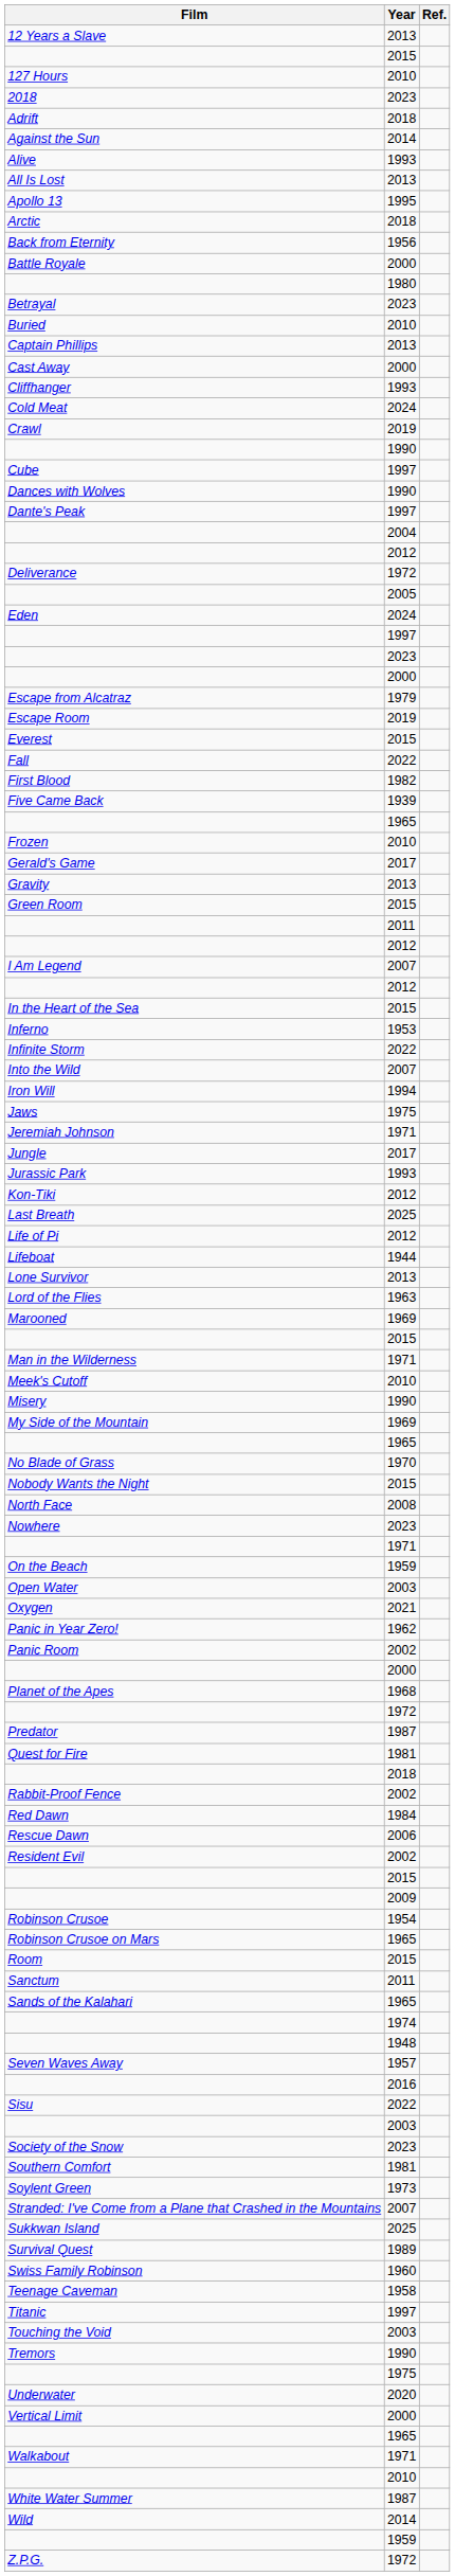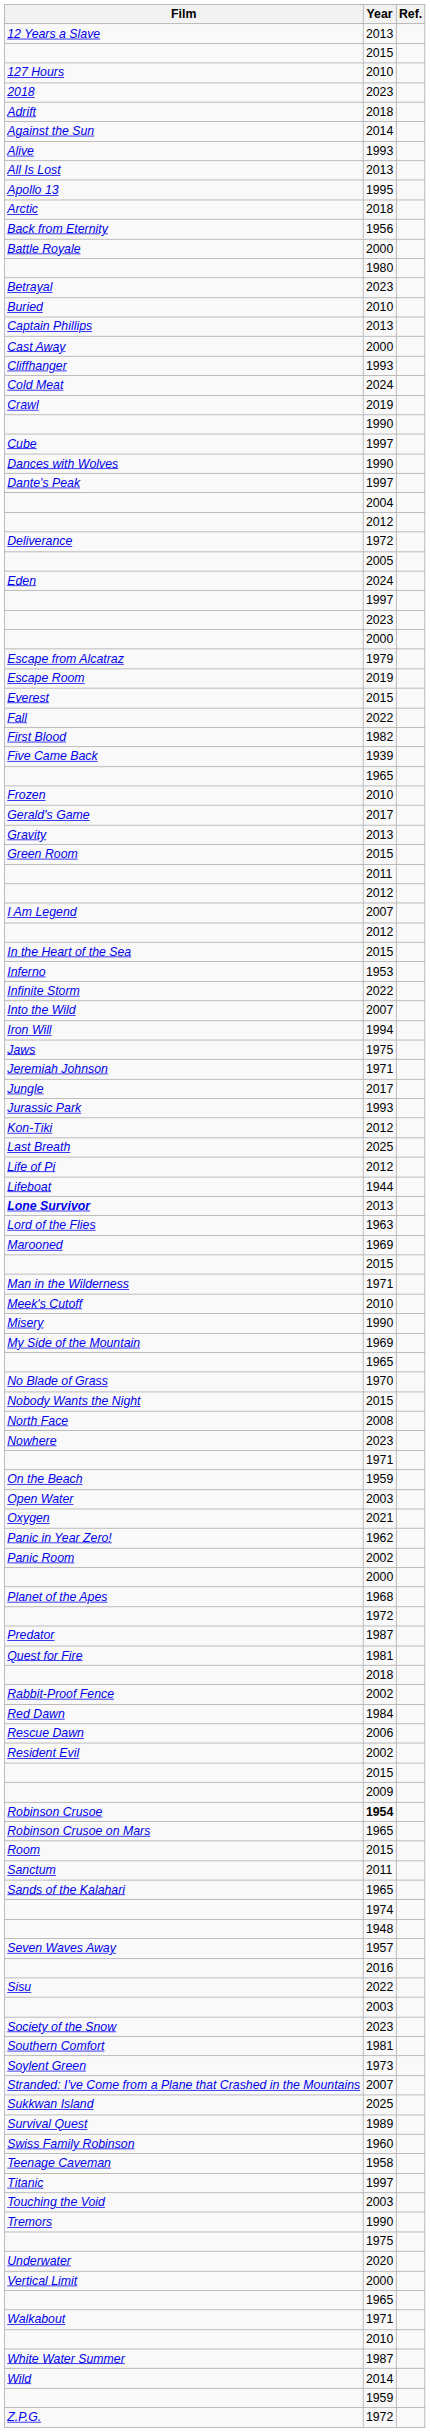 <table class="wikitable sortable" border="1" >
 <tr>
 <th scope="col">Film</th>
 <th scope="col">Year</th>
 <th scope="col" class="unsortable" style=white-space:nowrap>Ref.</th>
 </tr>
 <tr>
 <td><em><a href='#'>12 Years a Slave</a></em></td>
 <td>2013</td>
 <td></td>
 </tr>
 <tr>
 <td><em></em></td>
 <td>2015</td>
 <td></td>
 </tr>
 <tr>
 <td><em><a href='#'>127 Hours</a></em></td>
 <td>2010</td>
 <td></td>
 </tr>
 <tr>
 <td><em><a href='#'>2018</a></em></td>
 <td>2023</td>
 <td></td>
 </tr>
 <tr>
 <td><em><a href='#'>Adrift</a></em></td>
 <td>2018</td>
 <td></td>
 </tr>
 <tr>
 <td><em><a href='#'>Against the Sun</a></em></td>
 <td>2014</td>
 <td></td>
 </tr>
 <tr>
 <td><em><a href='#'>Alive</a></em></td>
 <td>1993</td>
 <td></td>
 </tr>
 <tr>
 <td><em><a href='#'>All Is Lost</a></em></td>
 <td>2013</td>
 <td></td>
 </tr>
 <tr>
 <td><em><a href='#'>Apollo 13</a></em></td>
 <td>1995</td>
 <td></td>
 </tr>
 <tr>
 <td><em><a href='#'>Arctic</a></em></td>
 <td>2018</td>
 <td></td>
 </tr>
 <tr>
 <td><em><a href='#'>Back from Eternity</a></em></td>
 <td>1956</td>
 <td></td>
 </tr>
 <tr>
 <td><em><a href='#'>Battle Royale</a></em></td>
 <td>2000</td>
 <td></td>
 </tr>
 <tr>
 <td><em></em></td>
 <td>1980</td>
 <td></td>
 </tr>
 <tr>
 <td><em><a href='#'>Betrayal</a></em></td>
 <td>2023</td>
 <td></td>
 </tr>
 <tr>
 <td><em><a href='#'>Buried</a></em></td>
 <td>2010</td>
 <td></td>
 </tr>
 <tr>
 <td><em><a href='#'>Captain Phillips</a></em></td>
 <td>2013</td>
 <td></td>
 </tr>
 <tr>
 <td><em><a href='#'>Cast Away</a></em></td>
 <td>2000</td>
 <td></td>
 </tr>
 <tr>
 <td><em><a href='#'>Cliffhanger</a></em></td>
 <td>1993</td>
 <td></td>
 </tr>
 <tr>
 <td><em><a href='#'>Cold Meat</a></em></td>
 <td>2024</td>
 <td></td>
 </tr>
 <tr>
 <td><em><a href='#'>Crawl</a></em></td>
 <td>2019</td>
 <td></td>
 </tr>
 <tr>
 <td><em></em></td>
 <td>1990</td>
 <td></td>
 </tr>
 <tr>
 <td><em><a href='#'>Cube</a></em></td>
 <td>1997</td>
 <td></td>
 </tr>
 <tr>
 <td><em><a href='#'>Dances with Wolves</a></em></td>
 <td>1990</td>
 <td></td>
 </tr>
 <tr>
 <td><em><a href='#'>Dante's Peak</a></em></td>
 <td>1997</td>
 <td></td>
 </tr>
 <tr>
 <td><em></em></td>
 <td>2004</td>
 <td></td>
 </tr>
 <tr>
 <td><em></em></td>
 <td>2012</td>
 <td></td>
 </tr>
 <tr>
 <td><em><a href='#'>Deliverance</a></em></td>
 <td>1972</td>
 <td></td>
 </tr>
 <tr>
 <td><em></em></td>
 <td>2005</td>
 <td></td>
 </tr>
 <tr>
 <td><em><a href='#'>Eden</a></em></td>
 <td>2024</td>
 <td></td>
 </tr>
 <tr>
 <td><em></em></td>
 <td>1997</td>
 <td></td>
 </tr>
 <tr>
 <td><em></em></td>
 <td>2023</td>
 <td></td>
 </tr>
 <tr>
 <td><em></em></td>
 <td>2000</td>
 <td></td>
 </tr>
 <tr>
 <td><em><a href='#'>Escape from Alcatraz</a></em></td>
 <td>1979</td>
 <td></td>
 </tr>
 <tr>
 <td><em><a href='#'>Escape Room</a></em></td>
 <td>2019</td>
 <td></td>
 </tr>
 <tr>
 <td><em><a href='#'>Everest</a></em></td>
 <td>2015</td>
 <td></td>
 </tr>
 <tr>
 <td><em><a href='#'>Fall</a></em></td>
 <td>2022</td>
 <td></td>
 </tr>
 <tr>
 <td><em><a href='#'>First Blood</a></em></td>
 <td>1982</td>
 <td></td>
 </tr>
 <tr>
 <td><em><a href='#'>Five Came Back</a></em></td>
 <td>1939</td>
 <td></td>
 </tr>
 <tr>
 <td><em></em></td>
 <td>1965</td>
 <td></td>
 </tr>
 <tr>
 <td><em><a href='#'>Frozen</a></em></td>
 <td>2010</td>
 <td></td>
 </tr>
 <tr>
 <td><em><a href='#'>Gerald's Game</a></em></td>
 <td>2017</td>
 <td></td>
 </tr>
 <tr>
 <td><em><a href='#'>Gravity</a></em></td>
 <td>2013</td>
 <td></td>
 </tr>
 <tr>
 <td><em><a href='#'>Green Room</a></em></td>
 <td>2015</td>
 <td></td>
 </tr>
 <tr>
 <td><em></em></td>
 <td>2011</td>
 <td></td>
 </tr>
 <tr>
 <td><em></em></td>
 <td>2012</td>
 <td></td>
 </tr>
 <tr>
 <td><em><a href='#'>I Am Legend</a></em></td>
 <td>2007</td>
 <td></td>
 </tr>
 <tr>
 <td><em></em></td>
 <td>2012</td>
 <td></td>
 </tr>
 <tr>
 <td><em><a href='#'>In the Heart of the Sea</a></em></td>
 <td>2015</td>
 <td></td>
 </tr>
 <tr>
 <td><em><a href='#'>Inferno</a></em></td>
 <td>1953</td>
 <td></td>
 </tr>
 <tr>
 <td><em><a href='#'>Infinite Storm</a></em></td>
 <td>2022</td>
 <td></td>
 </tr>
 <tr>
 <td><em><a href='#'>Into the Wild</a></em></td>
 <td>2007</td>
 <td></td>
 </tr>
 <tr>
 <td><em><a href='#'>Iron Will</a></em></td>
 <td>1994</td>
 <td></td>
 </tr>
 <tr>
 <td><em><a href='#'>Jaws</a></em></td>
 <td>1975</td>
 <td></td>
 </tr>
 <tr>
 <td><em><a href='#'>Jeremiah Johnson</a></em></td>
 <td>1971</td>
 <td></td>
 </tr>
 <tr>
 <td><em><a href='#'>Jungle</a></em></td>
 <td>2017</td>
 <td></td>
 </tr>
 <tr>
 <td><em><a href='#'>Jurassic Park</a></em></td>
 <td>1993</td>
 <td></td>
 </tr>
 <tr>
 <td><em><a href='#'>Kon-Tiki</a></em></td>
 <td>2012</td>
 <td></td>
 </tr>
 <tr>
 <td><em><a href='#'>Last Breath</a></em></td>
 <td>2025</td>
 <td></td>
 </tr>
 <tr>
 <td><em><a href='#'>Life of Pi</a></em></td>
 <td>2012</td>
 <td></td>
 </tr>
 <tr>
 <td><em><a href='#'>Lifeboat</a></em></td>
 <td>1944</td>
 <td></td>
 </tr>
 <tr>
-<td><em><a href='#'>Lone Survivor</a></em></td>
+<td><strong><em><a href='#'>Lone Survivor</a></em></strong></td>
 <td>2013</td>
 <td></td>
 </tr>
 <tr>
 <td><em><a href='#'>Lord of the Flies</a></em></td>
 <td>1963</td>
 <td></td>
 </tr>
 <tr>
 <td><em><a href='#'>Marooned</a></em></td>
 <td>1969</td>
 <td></td>
 </tr>
 <tr>
 <td><em></em></td>
 <td>2015</td>
 <td></td>
 </tr>
 <tr>
 <td><em><a href='#'>Man in the Wilderness</a></em></td>
 <td>1971</td>
 <td></td>
 </tr>
 <tr>
 <td><em><a href='#'>Meek's Cutoff</a></em></td>
 <td>2010</td>
 <td></td>
 </tr>
 <tr>
 <td><em><a href='#'>Misery</a></em></td>
 <td>1990</td>
 <td></td>
 </tr>
 <tr>
 <td><em><a href='#'>My Side of the Mountain</a></em></td>
 <td>1969</td>
 <td></td>
 </tr>
 <tr>
 <td><em></em></td>
 <td>1965</td>
 <td></td>
 </tr>
 <tr>
 <td><em><a href='#'>No Blade of Grass</a></em></td>
 <td>1970</td>
 <td></td>
 </tr>
 <tr>
 <td><em><a href='#'>Nobody Wants the Night</a></em></td>
 <td>2015</td>
 <td></td>
 </tr>
 <tr>
 <td><em><a href='#'>North Face</a></em></td>
 <td>2008</td>
 <td></td>
 </tr>
 <tr>
 <td><em><a href='#'>Nowhere</a></em></td>
 <td>2023</td>
 <td></td>
 </tr>
 <tr>
 <td><em></em></td>
 <td>1971</td>
 <td></td>
 </tr>
 <tr>
 <td><em><a href='#'>On the Beach</a></em></td>
 <td>1959</td>
 <td></td>
 </tr>
 <tr>
 <td><em><a href='#'>Open Water</a></em></td>
 <td>2003</td>
 <td></td>
 </tr>
 <tr>
 <td><em><a href='#'>Oxygen</a></em></td>
 <td>2021</td>
 <td></td>
 </tr>
 <tr>
 <td><em><a href='#'>Panic in Year Zero!</a></em></td>
 <td>1962</td>
 <td></td>
 </tr>
 <tr>
 <td><em><a href='#'>Panic Room</a></em></td>
 <td>2002</td>
 <td></td>
 </tr>
 <tr>
 <td><em></em></td>
 <td>2000</td>
 <td></td>
 </tr>
 <tr>
 <td><em><a href='#'>Planet of the Apes</a></em></td>
 <td>1968</td>
 <td></td>
 </tr>
 <tr>
 <td><em></em></td>
 <td>1972</td>
 <td></td>
 </tr>
 <tr>
 <td><em><a href='#'>Predator</a></em></td>
 <td>1987</td>
 <td></td>
 </tr>
 <tr>
 <td><em><a href='#'>Quest for Fire</a></em></td>
 <td>1981</td>
 <td></td>
 </tr>
 <tr>
 <td><em></em></td>
 <td>2018</td>
 <td></td>
 </tr>
 <tr>
 <td><em><a href='#'>Rabbit-Proof Fence</a></em></td>
 <td>2002</td>
 <td></td>
 </tr>
 <tr>
 <td><em><a href='#'>Red Dawn</a></em></td>
 <td>1984</td>
 <td></td>
 </tr>
 <tr>
 <td><em><a href='#'>Rescue Dawn</a></em></td>
 <td>2006</td>
 <td></td>
 </tr>
 <tr>
 <td><em><a href='#'>Resident Evil</a></em></td>
 <td>2002</td>
 <td></td>
 </tr>
 <tr>
 <td><em></em></td>
 <td>2015</td>
 <td></td>
 </tr>
 <tr>
 <td><em></em></td>
 <td>2009</td>
 <td></td>
 </tr>
 <tr>
 <td><em><a href='#'>Robinson Crusoe</a></em></td>
-<td>1954</td>
+<td><strong>1954</strong></td>
 <td></td>
 </tr>
 <tr>
 <td><em><a href='#'>Robinson Crusoe on Mars</a></em></td>
 <td>1965</td>
 <td></td>
 </tr>
 <tr>
 <td><em><a href='#'>Room</a></em></td>
 <td>2015</td>
 <td></td>
 </tr>
 <tr>
 <td><em><a href='#'>Sanctum</a></em></td>
 <td>2011</td>
 <td></td>
 </tr>
 <tr>
 <td><em><a href='#'>Sands of the Kalahari</a></em></td>
 <td>1965</td>
 <td></td>
 </tr>
 <tr>
 <td><em></em></td>
 <td>1974</td>
 <td></td>
 </tr>
 <tr>
 <td><em></em></td>
 <td>1948</td>
 <td></td>
 </tr>
 <tr>
 <td><em><a href='#'>Seven Waves Away</a></em></td>
 <td>1957</td>
 <td></td>
 </tr>
 <tr>
 <td><em></em></td>
 <td>2016</td>
 <td></td>
 </tr>
 <tr>
 <td><em><a href='#'>Sisu</a></em></td>
 <td>2022</td>
 <td></td>
 </tr>
 <tr>
 <td><em></em></td>
 <td>2003</td>
 <td></td>
 </tr>
 <tr>
 <td><em><a href='#'>Society of the Snow</a></em></td>
 <td>2023</td>
 <td></td>
 </tr>
 <tr>
 <td><em><a href='#'>Southern Comfort</a></em></td>
 <td>1981</td>
 <td></td>
 </tr>
 <tr>
 <td><em><a href='#'>Soylent Green</a></em></td>
 <td>1973</td>
 <td></td>
 </tr>
 <tr>
 <td><em><a href='#'>Stranded: I've Come from a Plane that Crashed in the Mountains</a></em></td>
 <td>2007</td>
 <td></td>
 </tr>
 <tr>
 <td><em><a href='#'>Sukkwan Island</a></em></td>
 <td>2025</td>
 <td></td>
 </tr>
 <tr>
 <td><em><a href='#'>Survival Quest</a></em></td>
 <td>1989</td>
 <td></td>
 </tr>
 <tr>
 <td><em><a href='#'>Swiss Family Robinson</a></em></td>
 <td>1960</td>
 <td></td>
 </tr>
 <tr>
 <td><em><a href='#'>Teenage Caveman</a></em></td>
 <td>1958</td>
 <td></td>
 </tr>
 <tr>
 <td><em><a href='#'>Titanic</a></em></td>
 <td>1997</td>
 <td></td>
 </tr>
 <tr>
 <td><em><a href='#'>Touching the Void</a></em></td>
 <td>2003</td>
 <td></td>
 </tr>
 <tr>
 <td><em><a href='#'>Tremors</a></em></td>
 <td>1990</td>
 <td></td>
 </tr>
 <tr>
 <td><em></em></td>
 <td>1975</td>
 <td></td>
 </tr>
 <tr>
 <td><em><a href='#'>Underwater</a></em></td>
 <td>2020</td>
 <td></td>
 </tr>
 <tr>
 <td><em><a href='#'>Vertical Limit</a></em></td>
 <td>2000</td>
 <td></td>
 </tr>
 <tr>
 <td><em></em></td>
 <td>1965</td>
 <td></td>
 </tr>
 <tr>
 <td><em><a href='#'>Walkabout</a></em></td>
 <td>1971</td>
 <td></td>
 </tr>
 <tr>
 <td><em></em></td>
 <td>2010</td>
 <td></td>
 </tr>
 <tr>
 <td><em><a href='#'>White Water Summer</a></em></td>
 <td>1987</td>
 <td></td>
 </tr>
 <tr>
 <td><em><a href='#'>Wild</a></em></td>
 <td>2014</td>
 <td></td>
 </tr>
 <tr>
 <td><em></em></td>
 <td>1959</td>
 <td></td>
 </tr>
 <tr>
 <td><em><a href='#'>Z.P.G.</a></em></td>
 <td>1972</td>
 <td></td>
 </tr>
 </table>
